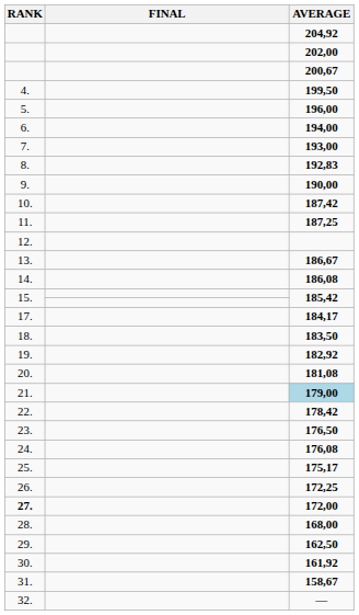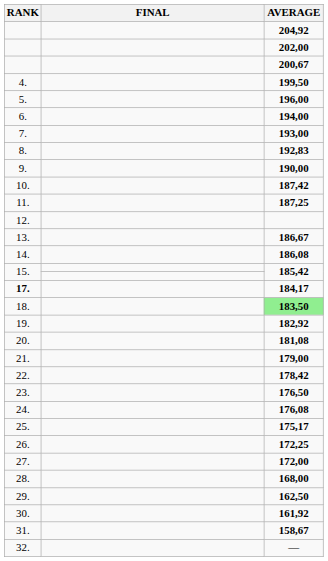 <table class="wikitable">
 <tr>
 <th>RANK</th>
 <th style="width: 20em">FINAL</th>
 <th style="width: 5em">AVERAGE</th>
 </tr>
 <tr>
 <td align="center"></td>
 <td></td>
 <td align="center"><strong>204,92</strong></td>
 </tr>
 <tr>
 <td align="center"></td>
 <td></td>
 <td align="center"><strong>202,00</strong></td>
 </tr>
 <tr>
 <td align="center"></td>
 <td></td>
 <td align="center"><strong>200,67</strong></td>
 </tr>
 <tr>
 <td align="center">4.</td>
 <td></td>
 <td align="center"><strong>199,50</strong></td>
 </tr>
 <tr>
 <td align="center">5.</td>
 <td></td>
 <td align="center"><strong>196,00</strong></td>
 </tr>
 <tr>
 <td align="center">6.</td>
 <td></td>
 <td align="center"><strong>194,00</strong></td>
 </tr>
 <tr>
 <td align="center">7.</td>
 <td></td>
 <td align="center"><strong>193,00</strong></td>
 </tr>
 <tr>
 <td align="center">8.</td>
 <td></td>
 <td align="center"><strong>192,83</strong></td>
 </tr>
 <tr>
 <td align="center">9.</td>
 <td></td>
 <td align="center"><strong>190,00</strong></td>
 </tr>
 <tr>
 <td align="center">10.</td>
 <td></td>
 <td align="center"><strong>187,42</strong></td>
 </tr>
 <tr>
 <td align="center">11.</td>
 <td></td>
 <td align="center"><strong>187,25</strong></td>
 </tr>
 <tr>
 <td align="center">12.</td>
 <td></td>
 <td align="center"></td>
 </tr>
 <tr>
 <td align="center">13.</td>
 <td></td>
 <td align="center"><strong>186,67</strong></td>
 </tr>
 <tr>
 <td align="center">14.</td>
 <td></td>
 <td align="center"><strong>186,08</strong></td>
 </tr>
 <tr>
 <td rowspan=2 align="center">15.</td>
 <td></td>
 <td rowspan=2 align="center"><strong>185,42</strong></td>
 </tr>
 <tr>
 <td></td>
 </tr>
 <tr>
-<td align="center">17.</td>
+<td align="center"><strong>17.</strong></td>
 <td></td>
 <td align="center"><strong>184,17</strong></td>
 </tr>
 <tr>
 <td align="center">18.</td>
 <td></td>
-<td align="center"><strong>183,50</strong></td>
+<td align="center" style="background: lightgreen;"><strong>183,50</strong></td>
 </tr>
 <tr>
 <td align="center">19.</td>
 <td></td>
 <td align="center"><strong>182,92</strong></td>
 </tr>
 <tr>
 <td align="center">20.</td>
 <td></td>
 <td align="center"><strong>181,08</strong></td>
 </tr>
 <tr>
 <td align="center">21.</td>
 <td></td>
-<td align="center" style="background: lightblue;"><strong>179,00</strong></td>
+<td align="center"><strong>179,00</strong></td>
 </tr>
 <tr>
 <td align="center">22.</td>
 <td></td>
 <td align="center"><strong>178,42</strong></td>
 </tr>
 <tr>
 <td align="center">23.</td>
 <td></td>
 <td align="center"><strong>176,50</strong></td>
 </tr>
 <tr>
 <td align="center">24.</td>
 <td></td>
 <td align="center"><strong>176,08</strong></td>
 </tr>
 <tr>
 <td align="center">25.</td>
 <td></td>
 <td align="center"><strong>175,17</strong></td>
 </tr>
 <tr>
 <td align="center">26.</td>
 <td></td>
 <td align="center"><strong>172,25</strong></td>
 </tr>
 <tr>
-<td align="center"><strong>27.</strong></td>
+<td align="center">27.</td>
 <td></td>
 <td align="center"><strong>172,00</strong></td>
 </tr>
 <tr>
 <td align="center">28.</td>
 <td></td>
 <td align="center"><strong>168,00</strong></td>
 </tr>
 <tr>
 <td align="center">29.</td>
 <td></td>
 <td align="center"><strong>162,50</strong></td>
 </tr>
 <tr>
 <td align="center">30.</td>
 <td></td>
 <td align="center"><strong>161,92</strong></td>
 </tr>
 <tr>
 <td align="center">31.</td>
 <td></td>
 <td align="center"><strong>158,67</strong></td>
 </tr>
 <tr>
 <td align="center">32.</td>
 <td></td>
 <td align="center"><strong>—</strong></td>
 </tr>
 </table>
